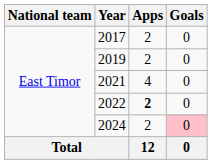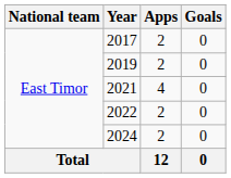 <table class="wikitable" style="text-align:center">
 <tr>
 <th>National team</th>
 <th>Year</th>
 <th>Apps</th>
 <th>Goals</th>
 </tr>
 <tr>
 <td rowspan="5"><a href='#'>East Timor</a></td>
 <td>2017</td>
 <td>2</td>
 <td>0</td>
 </tr>
 <tr>
 <td>2019</td>
 <td>2</td>
 <td>0</td>
 </tr>
 <tr>
 <td>2021</td>
 <td>4</td>
 <td>0</td>
 </tr>
 <tr>
 <td>2022</td>
-<td><strong>2</strong></td>
+<td>2</td>
 <td>0</td>
 </tr>
 <tr>
 <td>2024</td>
 <td>2</td>
-<td style="background: pink;">0</td>
+<td>0</td>
 </tr>
 <tr>
 <th colspan="2">Total</th>
 <th>12</th>
 <th>0</th>
 </tr>
 </table>
